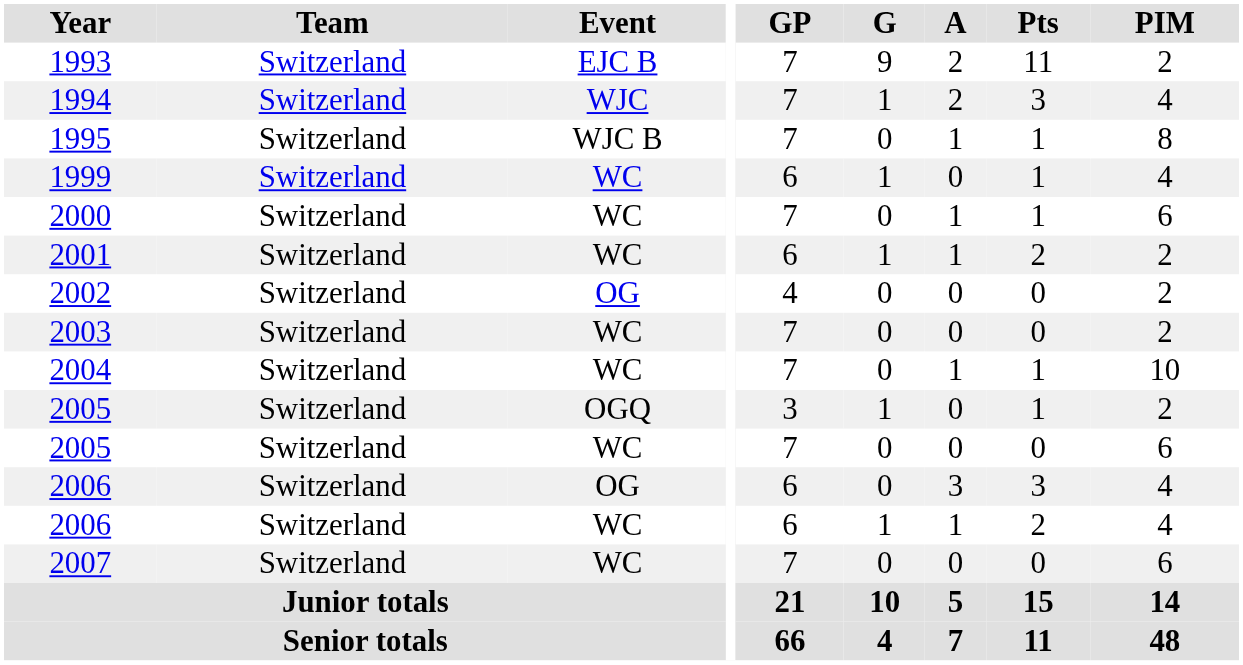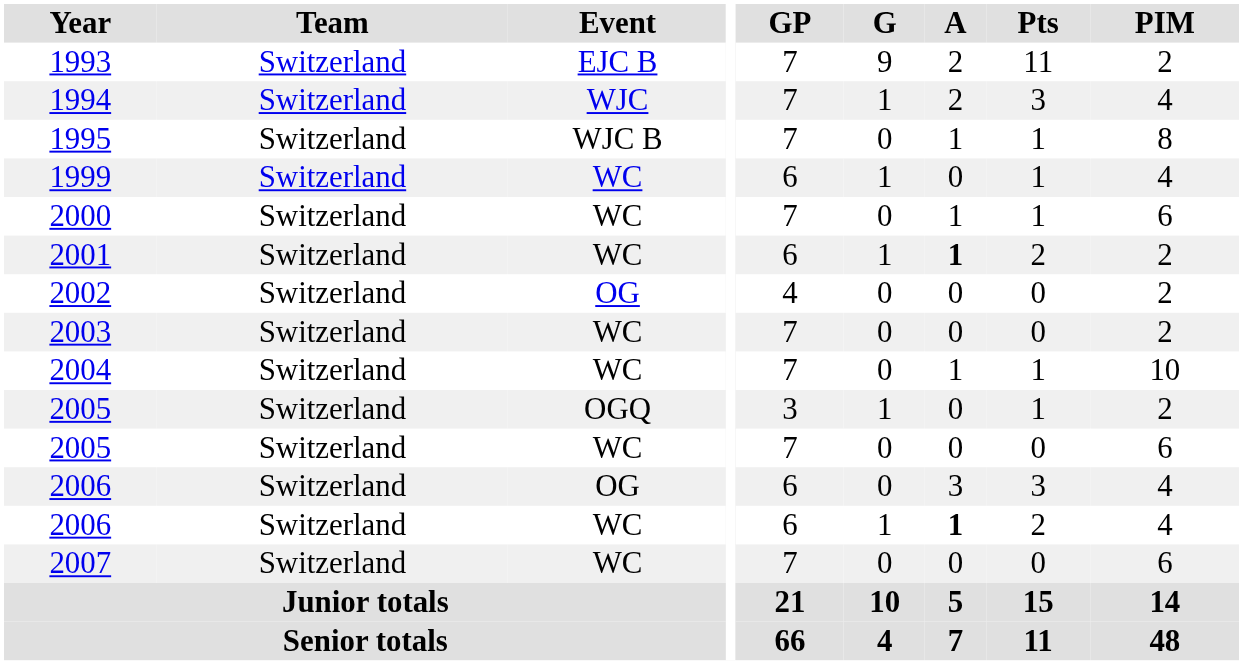 <table border="0" cellpadding="1" cellspacing="0" ID="Table3" style="text-align:center; width:40em">
 <tr ALIGN="center" bgcolor="#e0e0e0">
 <th>Year</th>
 <th>Team</th>
 <th>Event</th>
 <th rowspan="99" bgcolor="#ffffff"></th>
 <th>GP</th>
 <th>G</th>
 <th>A</th>
 <th>Pts</th>
 <th>PIM</th>
 </tr>
 <tr>
 <td><a href='#'>1993</a></td>
 <td><a href='#'>Switzerland</a></td>
 <td><a href='#'>EJC B</a></td>
 <td>7</td>
 <td>9</td>
 <td>2</td>
 <td>11</td>
 <td>2</td>
 </tr>
 <tr bgcolor="#f0f0f0">
 <td><a href='#'>1994</a></td>
 <td><a href='#'>Switzerland</a></td>
 <td><a href='#'>WJC</a></td>
 <td>7</td>
 <td>1</td>
 <td>2</td>
 <td>3</td>
 <td>4</td>
 </tr>
 <tr>
 <td><a href='#'>1995</a></td>
 <td>Switzerland</td>
 <td>WJC B</td>
 <td>7</td>
 <td>0</td>
 <td>1</td>
 <td>1</td>
 <td>8</td>
 </tr>
 <tr bgcolor="#f0f0f0">
 <td><a href='#'>1999</a></td>
 <td><a href='#'>Switzerland</a></td>
 <td><a href='#'>WC</a></td>
 <td>6</td>
 <td>1</td>
 <td>0</td>
 <td>1</td>
 <td>4</td>
 </tr>
 <tr>
 <td><a href='#'>2000</a></td>
 <td>Switzerland</td>
 <td>WC</td>
 <td>7</td>
 <td>0</td>
 <td>1</td>
 <td>1</td>
 <td>6</td>
 </tr>
 <tr bgcolor="#f0f0f0">
 <td><a href='#'>2001</a></td>
 <td>Switzerland</td>
 <td>WC</td>
 <td>6</td>
 <td>1</td>
-<td>1</td>
+<td><strong>1</strong></td>
 <td>2</td>
 <td>2</td>
 </tr>
 <tr>
 <td><a href='#'>2002</a></td>
 <td>Switzerland</td>
 <td><a href='#'>OG</a></td>
 <td>4</td>
 <td>0</td>
 <td>0</td>
 <td>0</td>
 <td>2</td>
 </tr>
 <tr bgcolor="#f0f0f0">
 <td><a href='#'>2003</a></td>
 <td>Switzerland</td>
 <td>WC</td>
 <td>7</td>
 <td>0</td>
 <td>0</td>
 <td>0</td>
 <td>2</td>
 </tr>
 <tr>
 <td><a href='#'>2004</a></td>
 <td>Switzerland</td>
 <td>WC</td>
 <td>7</td>
 <td>0</td>
 <td>1</td>
 <td>1</td>
 <td>10</td>
 </tr>
 <tr bgcolor="#f0f0f0">
 <td><a href='#'>2005</a></td>
 <td>Switzerland</td>
 <td>OGQ</td>
 <td>3</td>
 <td>1</td>
 <td>0</td>
 <td>1</td>
 <td>2</td>
 </tr>
 <tr>
 <td><a href='#'>2005</a></td>
 <td>Switzerland</td>
 <td>WC</td>
 <td>7</td>
 <td>0</td>
 <td>0</td>
 <td>0</td>
 <td>6</td>
 </tr>
 <tr bgcolor="#f0f0f0">
 <td><a href='#'>2006</a></td>
 <td>Switzerland</td>
 <td>OG</td>
 <td>6</td>
 <td>0</td>
 <td>3</td>
 <td>3</td>
 <td>4</td>
 </tr>
 <tr>
 <td><a href='#'>2006</a></td>
 <td>Switzerland</td>
 <td>WC</td>
 <td>6</td>
 <td>1</td>
-<td>1</td>
+<td><strong>1</strong></td>
 <td>2</td>
 <td>4</td>
 </tr>
 <tr bgcolor="#f0f0f0">
 <td><a href='#'>2007</a></td>
 <td>Switzerland</td>
 <td>WC</td>
 <td>7</td>
 <td>0</td>
 <td>0</td>
 <td>0</td>
 <td>6</td>
 </tr>
 <tr bgcolor="#e0e0e0">
 <th colspan="3">Junior totals</th>
 <th>21</th>
 <th>10</th>
 <th>5</th>
 <th>15</th>
 <th>14</th>
 </tr>
 <tr bgcolor="#e0e0e0">
 <th colspan="3">Senior totals</th>
 <th>66</th>
 <th>4</th>
 <th>7</th>
 <th>11</th>
 <th>48</th>
 </tr>
 </table>
